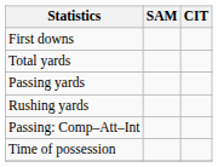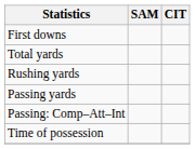 <table class="wikitable" style="float: left;">
 <tr>
 <th>Statistics</th>
 <th>SAM</th>
 <th>CIT</th>
 </tr>
 <tr>
 <td>First downs</td>
 <td></td>
 <td></td>
 </tr>
 <tr>
 <td>Total yards</td>
 <td></td>
 <td></td>
 </tr>
 <tr>
-<td>Passing yards</td>
+<td>Rushing yards</td>
 <td></td>
 <td></td>
 </tr>
 <tr>
-<td>Rushing yards</td>
+<td>Passing yards</td>
 <td></td>
 <td></td>
 </tr>
 <tr>
 <td>Passing: Comp–Att–Int</td>
 <td></td>
 <td></td>
 </tr>
 <tr>
 <td>Time of possession</td>
 <td></td>
 <td></td>
 </tr>
 <tr>
 </tr>
 </table>
